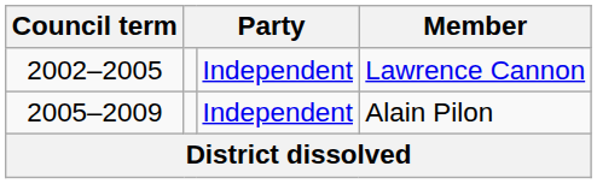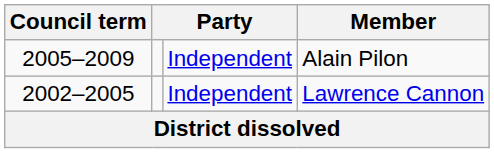 <table class="wikitable">
 <tr>
 <th>Council term</th>
 <th colspan="2">Party</th>
 <th>Member</th>
+</tr>
+<tr>
+<td align="center">2005–2009</td>
+<td style="color:inherit;background-color:"></td>
+<td><a href='#'>Independent</a></td>
+<td>Alain Pilon</td>
 </tr>
 <tr>
 <td align="center">2002–2005</td>
 <td style="color:inherit;background-color:"></td>
 <td><a href='#'>Independent</a></td>
 <td><a href='#'>Lawrence Cannon</a></td>
 </tr>
 <tr>
-<td align="center">2005–2009</td>
-<td style="color:inherit;background-color:"></td>
-<td><a href='#'>Independent</a></td>
-<td>Alain Pilon</td>
-</tr>
-<tr>
 <th colspan="4">District dissolved</th>
 </tr>
 </table>
